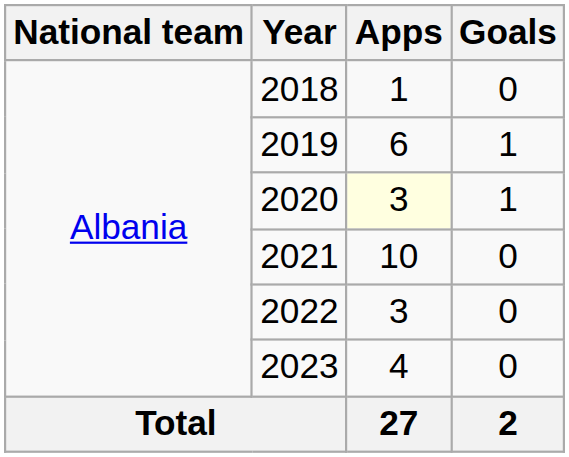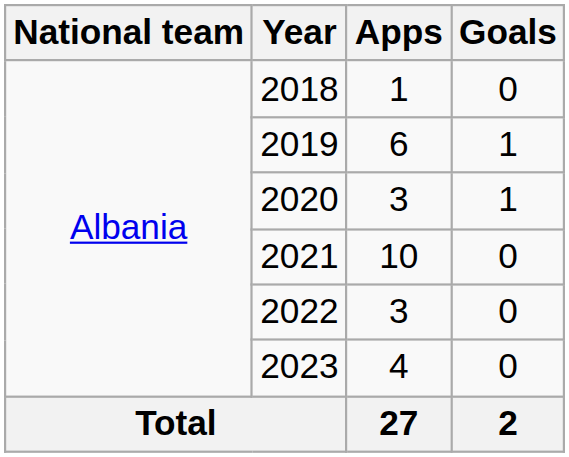 <table class="wikitable" style="text-align:center">
 <tr>
 <th>National team</th>
 <th>Year</th>
 <th>Apps</th>
 <th>Goals</th>
 </tr>
 <tr>
 <td rowspan="6"><a href='#'>Albania</a></td>
 <td>2018</td>
 <td>1</td>
 <td>0</td>
 </tr>
 <tr>
 <td>2019</td>
 <td>6</td>
 <td>1</td>
 </tr>
 <tr>
 <td>2020</td>
-<td style="background: lightyellow;">3</td>
+<td>3</td>
 <td>1</td>
 </tr>
 <tr>
 <td>2021</td>
 <td>10</td>
 <td>0</td>
 </tr>
 <tr>
 <td>2022</td>
 <td>3</td>
 <td>0</td>
 </tr>
 <tr>
 <td>2023</td>
 <td>4</td>
 <td>0</td>
 </tr>
 <tr>
 <th colspan="2">Total</th>
 <th>27</th>
 <th>2</th>
 </tr>
 </table>
